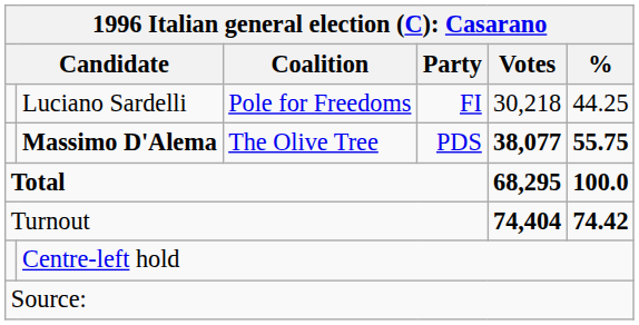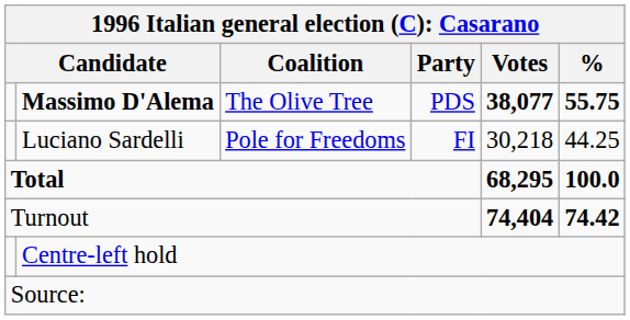 <table class=wikitable style=text-align:right>
 <tr>
 <th colspan=6>1996 Italian general election (<a href='#'>C</a>): <a href='#'>Casarano</a></th>
 </tr>
 <tr>
 <th colspan=2>Candidate</th>
 <th>Coalition</th>
 <th>Party</th>
 <th>Votes</th>
 <th>%</th>
 </tr>
 <tr>
 <td></td>
+<td align=left><strong>Massimo D'Alema</strong></td>
+<td align=left><a href='#'>The Olive Tree</a></td>
+<td><a href='#'>PDS</a></td>
+<td><strong>38,077</strong></td>
+<td><strong>55.75</strong></td>
+</tr>
+<tr>
+<td></td>
 <td align=left>Luciano Sardelli</td>
 <td align=left><a href='#'>Pole for Freedoms</a></td>
 <td><a href='#'>FI</a></td>
 <td>30,218</td>
 <td>44.25</td>
-</tr>
-<tr>
-<td></td>
-<td align=left><strong>Massimo D'Alema</strong></td>
-<td align=left><a href='#'>The Olive Tree</a></td>
-<td><a href='#'>PDS</a></td>
-<td><strong>38,077</strong></td>
-<td><strong>55.75</strong></td>
 </tr>
 <tr>
 <td align=left colspan=4><strong>Total</strong></td>
 <td><strong>68,295</strong></td>
 <td><strong>100.0</strong></td>
 </tr>
 <tr>
 <td align=left colspan=4>Turnout</td>
 <td><strong>74,404</strong></td>
 <td><strong>74.42</strong></td>
 </tr>
 <tr>
 <td></td>
 <td align=left colspan=5><a href='#'>Centre-left</a> hold</td>
 </tr>
 <tr>
 <td align=left colspan=6>Source: </td>
 </tr>
 </table>
